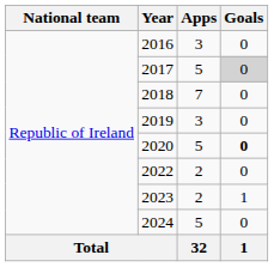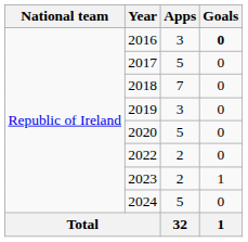 <table class="wikitable" style="text-align:center">
 <tr>
 <th>National team</th>
 <th>Year</th>
 <th>Apps</th>
 <th>Goals</th>
 </tr>
 <tr>
 <td rowspan="8"><a href='#'>Republic of Ireland</a></td>
 <td>2016</td>
 <td>3</td>
-<td>0</td>
+<td><strong>0</strong></td>
 </tr>
 <tr>
 <td>2017</td>
 <td>5</td>
-<td style="background: lightgrey;">0</td>
+<td>0</td>
 </tr>
 <tr>
 <td>2018</td>
 <td>7</td>
 <td>0</td>
 </tr>
 <tr>
 <td>2019</td>
 <td>3</td>
 <td>0</td>
 </tr>
 <tr>
 <td>2020</td>
 <td>5</td>
-<td><strong>0</strong></td>
+<td>0</td>
 </tr>
 <tr>
 <td>2022</td>
 <td>2</td>
 <td>0</td>
 </tr>
 <tr>
 <td>2023</td>
 <td>2</td>
 <td>1</td>
 </tr>
 <tr>
 <td>2024</td>
 <td>5</td>
 <td>0</td>
 </tr>
 <tr>
 <th colspan="2">Total</th>
 <th>32</th>
 <th>1</th>
 </tr>
 </table>
